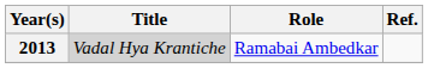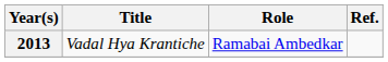 <table class="wikitable plainrowheaders sortable">
 <tr>
 <th scope="col">Year(s)</th>
 <th scope="col">Title</th>
 <th scope="col">Role</th>
 <th scope="col" class="unsortable">Ref.</th>
 </tr>
 <tr>
 <th scope="row">2013</th>
-<td style="background: lightgrey;"><em>Vadal Hya Krantiche</em></td>
+<td><em>Vadal Hya Krantiche</em></td>
 <td><a href='#'>Ramabai Ambedkar</a></td>
 <td></td>
 </tr>
 <tr>
 </tr>
 </table>
